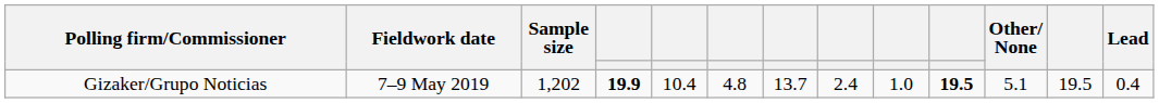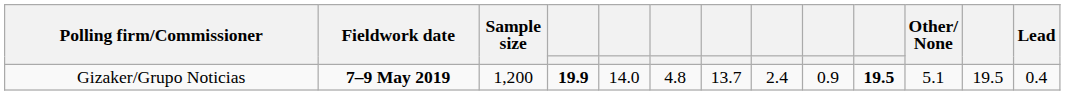 <table class="wikitable collapsible collapsed" style="text-align:center; font-size:90%; line-height:14px;">
 <tr style="height:42px;">
 <th style="width:250px;" rowspan="2">Polling firm/Commissioner</th>
 <th style="width:125px;" rowspan="2">Fieldwork date</th>
 <th style="width:50px;" rowspan="2">Sample size</th>
 <th style="width:35px;"></th>
 <th style="width:35px;"></th>
 <th style="width:35px;"></th>
 <th style="width:35px;"></th>
 <th style="width:35px;"></th>
 <th style="width:35px;"></th>
 <th style="width:35px;"></th>
 <th style="width:35px;" rowspan="2">Other/<br>None</th>
 <th style="width:35px;" rowspan="2"></th>
 <th style="width:30px;" rowspan="2">Lead</th>
 </tr>
 <tr>
 <th style="color:inherit;background:"></th>
 <th style="color:inherit;background:"></th>
 <th style="color:inherit;background:"></th>
 <th style="color:inherit;background:"></th>
 <th style="color:inherit;background:"></th>
 <th style="color:inherit;background:"></th>
 <th style="color:inherit;background:"></th>
 </tr>
 <tr>
 <td>Gizaker/Grupo Noticias</td>
-<td>7–9 May 2019</td>
-<td>1,202</td>
+<td><strong>7–9 May 2019</strong></td>
+<td>1,200</td>
 <td><strong>19.9</strong></td>
-<td>10.4</td>
+<td>14.0</td>
 <td>4.8</td>
 <td>13.7</td>
 <td>2.4</td>
-<td>1.0</td>
+<td>0.9</td>
 <td><strong>19.5</strong></td>
 <td>5.1</td>
 <td>19.5</td>
 <td style="background:">0.4</td>
 </tr>
 </table>
